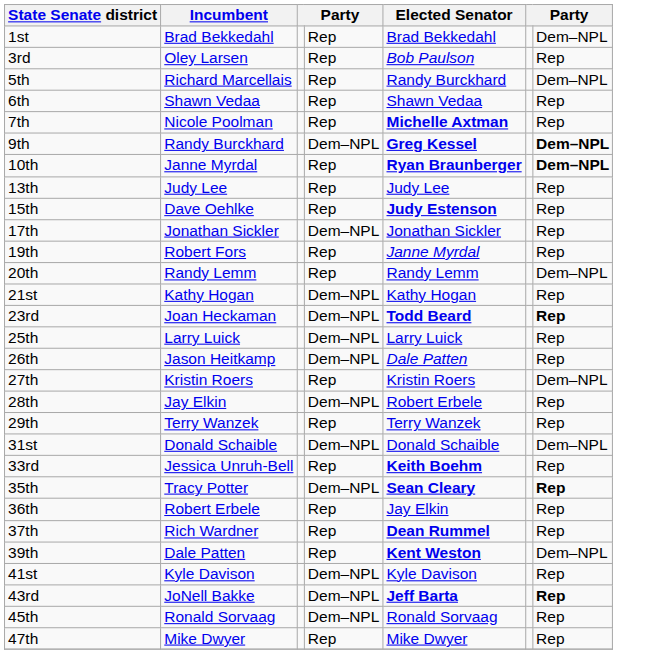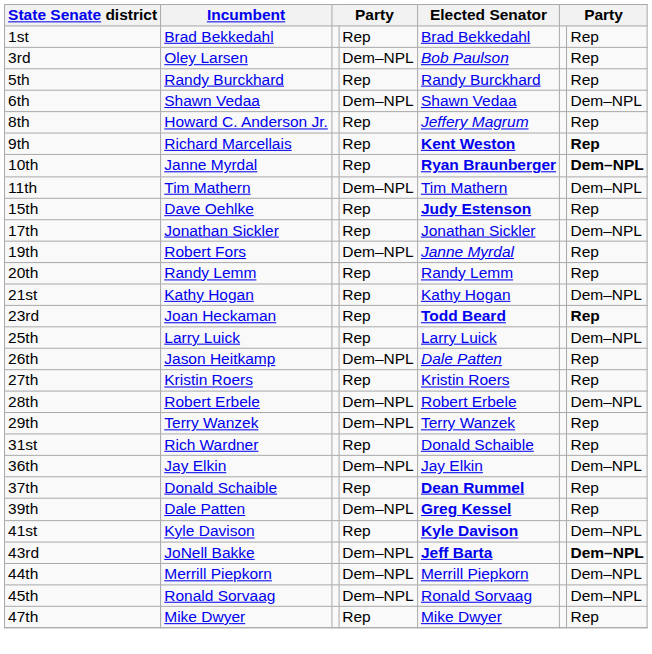 <table class="sortable wikitable" style="font-size:95%;line-height:14px;">
 <tr>
 <th colspan="1"><a href='#'>State Senate</a> district</th>
 <th class="unsortable"><a href='#'>Incumbent</a></th>
 <th colspan="2">Party</th>
 <th class="unsortable">Elected Senator</th>
 <th colspan="2">Party</th>
 </tr>
 <tr>
 <td>1st</td>
 <td><a href='#'>Brad Bekkedahl</a></td>
 <td style="background:"></td>
 <td>Rep</td>
 <td><a href='#'>Brad Bekkedahl</a></td>
 <td style="background:"></td>
-<td>Dem–NPL</td>
+<td>Rep</td>
 </tr>
 <tr>
 <td>3rd</td>
 <td><a href='#'>Oley Larsen</a></td>
 <td style="background:"></td>
-<td>Rep</td>
+<td>Dem–NPL</td>
 <td><em><a href='#'>Bob Paulson</a></em></td>
 <td style="background:"></td>
 <td>Rep</td>
 </tr>
 <tr>
 <td>5th</td>
-<td><a href='#'>Richard Marcellais</a></td>
+<td><a href='#'>Randy Burckhard</a></td>
 <td style="background:"></td>
 <td>Rep</td>
 <td><a href='#'>Randy Burckhard</a></td>
 <td style="background:"></td>
-<td>Dem–NPL</td>
+<td>Rep</td>
 </tr>
 <tr>
 <td>6th</td>
 <td><a href='#'>Shawn Vedaa</a></td>
 <td style="background:"></td>
-<td>Rep</td>
+<td>Dem–NPL</td>
 <td><a href='#'>Shawn Vedaa</a></td>
 <td style="background:"></td>
-<td>Rep</td>
+<td>Dem–NPL</td>
 </tr>
 <tr>
-<td>7th</td>
-<td><a href='#'>Nicole Poolman</a></td>
+<td>8th</td>
+<td><a href='#'>Howard C. Anderson Jr.</a></td>
 <td style="background:"></td>
 <td>Rep</td>
-<td><strong><a href='#'>Michelle Axtman</a></strong></td>
+<td><em><a href='#'>Jeffery Magrum</a></em></td>
 <td style="background:"></td>
 <td>Rep</td>
 </tr>
 <tr>
 <td>9th</td>
-<td><a href='#'>Randy Burckhard</a></td>
+<td><a href='#'>Richard Marcellais</a></td>
 <td style="background:"></td>
-<td>Dem–NPL</td>
-<td><strong><a href='#'>Greg Kessel</a></strong></td>
+<td>Rep</td>
+<td><strong><a href='#'>Kent Weston</a></strong></td>
 <td style="background:"></td>
-<td><strong>Dem–NPL</strong></td>
+<td><strong>Rep</strong></td>
 </tr>
 <tr>
 <td>10th</td>
 <td><a href='#'>Janne Myrdal</a></td>
 <td style="background:"></td>
 <td>Rep</td>
 <td><strong><a href='#'>Ryan Braunberger</a></strong></td>
 <td style="background:"></td>
 <td><strong>Dem–NPL</strong></td>
 </tr>
 <tr>
-<td>13th</td>
-<td><a href='#'>Judy Lee</a></td>
+<td>11th</td>
+<td><a href='#'>Tim Mathern</a></td>
 <td style="background:"></td>
-<td>Rep</td>
-<td><a href='#'>Judy Lee</a></td>
+<td>Dem–NPL</td>
+<td><a href='#'>Tim Mathern</a></td>
 <td style="background:"></td>
-<td>Rep</td>
+<td>Dem–NPL</td>
 </tr>
 <tr>
 <td>15th</td>
 <td><a href='#'>Dave Oehlke</a></td>
 <td style="background:"></td>
 <td>Rep</td>
 <td><strong><a href='#'>Judy Estenson</a></strong></td>
 <td style="background:"></td>
 <td>Rep</td>
 </tr>
 <tr>
 <td>17th</td>
 <td><a href='#'>Jonathan Sickler</a></td>
 <td style="background:"></td>
-<td>Dem–NPL</td>
+<td>Rep</td>
 <td><a href='#'>Jonathan Sickler</a></td>
 <td style="background:"></td>
-<td>Rep</td>
+<td>Dem–NPL</td>
 </tr>
 <tr>
 <td>19th</td>
 <td><a href='#'>Robert Fors</a></td>
 <td style="background:"></td>
-<td>Rep</td>
+<td>Dem–NPL</td>
 <td><em><a href='#'>Janne Myrdal</a></em></td>
 <td style="background:"></td>
 <td>Rep</td>
 </tr>
 <tr>
 <td>20th</td>
 <td><a href='#'>Randy Lemm</a></td>
 <td style="background:"></td>
 <td>Rep</td>
 <td><a href='#'>Randy Lemm</a></td>
 <td style="background:"></td>
-<td>Dem–NPL</td>
+<td>Rep</td>
 </tr>
 <tr>
 <td>21st</td>
 <td><a href='#'>Kathy Hogan</a></td>
 <td style="background:"></td>
-<td>Dem–NPL</td>
+<td>Rep</td>
 <td><a href='#'>Kathy Hogan</a></td>
 <td style="background:"></td>
-<td>Rep</td>
+<td>Dem–NPL</td>
 </tr>
 <tr>
 <td>23rd</td>
 <td><a href='#'>Joan Heckaman</a></td>
 <td style="background:"></td>
-<td>Dem–NPL</td>
+<td>Rep</td>
 <td><strong><a href='#'>Todd Beard</a></strong></td>
 <td style="background:"></td>
 <td><strong>Rep</strong></td>
 </tr>
 <tr>
 <td>25th</td>
 <td><a href='#'>Larry Luick</a></td>
 <td style="background:"></td>
-<td>Dem–NPL</td>
+<td>Rep</td>
 <td><a href='#'>Larry Luick</a></td>
 <td style="background:"></td>
-<td>Rep</td>
+<td>Dem–NPL</td>
 </tr>
 <tr>
 <td>26th</td>
 <td><a href='#'>Jason Heitkamp</a></td>
 <td style="background:"></td>
 <td>Dem–NPL</td>
 <td><em><a href='#'>Dale Patten</a></em></td>
 <td style="background:"></td>
 <td>Rep</td>
 </tr>
 <tr>
 <td>27th</td>
 <td><a href='#'>Kristin Roers</a></td>
 <td style="background:"></td>
 <td>Rep</td>
 <td><a href='#'>Kristin Roers</a></td>
 <td style="background:"></td>
-<td>Dem–NPL</td>
+<td>Rep</td>
 </tr>
 <tr>
 <td>28th</td>
-<td><a href='#'>Jay Elkin</a></td>
+<td><a href='#'>Robert Erbele</a></td>
 <td style="background:"></td>
 <td>Dem–NPL</td>
 <td><a href='#'>Robert Erbele</a></td>
 <td style="background:"></td>
-<td>Rep</td>
+<td>Dem–NPL</td>
 </tr>
 <tr>
 <td>29th</td>
 <td><a href='#'>Terry Wanzek</a></td>
 <td style="background:"></td>
-<td>Rep</td>
+<td>Dem–NPL</td>
 <td><a href='#'>Terry Wanzek</a></td>
 <td style="background:"></td>
 <td>Rep</td>
 </tr>
 <tr>
 <td>31st</td>
+<td><a href='#'>Rich Wardner</a></td>
+<td style="background:"></td>
+<td>Rep</td>
 <td><a href='#'>Donald Schaible</a></td>
 <td style="background:"></td>
+<td>Rep</td>
+</tr>
+<tr>
+<td>36th</td>
+<td><a href='#'>Jay Elkin</a></td>
+<td style="background:"></td>
 <td>Dem–NPL</td>
-<td><a href='#'>Donald Schaible</a></td>
+<td><a href='#'>Jay Elkin</a></td>
 <td style="background:"></td>
 <td>Dem–NPL</td>
 </tr>
 <tr>
-<td>33rd</td>
-<td><a href='#'>Jessica Unruh-Bell</a></td>
-<td style="background:"></td>
-<td>Rep</td>
-<td><strong><a href='#'>Keith Boehm</a></strong></td>
-<td style="background:"></td>
-<td>Rep</td>
-</tr>
-<tr>
-<td>35th</td>
-<td><a href='#'>Tracy Potter</a></td>
-<td style="background:"></td>
-<td>Dem–NPL</td>
-<td><strong><a href='#'>Sean Cleary</a></strong></td>
-<td style="background:"></td>
-<td><strong>Rep</strong></td>
-</tr>
-<tr>
-<td>36th</td>
-<td><a href='#'>Robert Erbele</a></td>
-<td style="background:"></td>
-<td>Rep</td>
-<td><a href='#'>Jay Elkin</a></td>
-<td style="background:"></td>
-<td>Rep</td>
-</tr>
-<tr>
 <td>37th</td>
-<td><a href='#'>Rich Wardner</a></td>
+<td><a href='#'>Donald Schaible</a></td>
 <td style="background:"></td>
 <td>Rep</td>
 <td><strong><a href='#'>Dean Rummel</a></strong></td>
 <td style="background:"></td>
 <td>Rep</td>
 </tr>
 <tr>
 <td>39th</td>
 <td><a href='#'>Dale Patten</a></td>
 <td style="background:"></td>
+<td>Dem–NPL</td>
+<td><strong><a href='#'>Greg Kessel</a></strong></td>
+<td style="background:"></td>
 <td>Rep</td>
-<td><strong><a href='#'>Kent Weston</a></strong></td>
-<td style="background:"></td>
-<td>Dem–NPL</td>
 </tr>
 <tr>
 <td>41st</td>
 <td><a href='#'>Kyle Davison</a></td>
 <td style="background:"></td>
+<td>Rep</td>
+<td><strong><a href='#'>Kyle Davison</a></strong></td>
+<td style="background:"></td>
 <td>Dem–NPL</td>
-<td><a href='#'>Kyle Davison</a></td>
-<td style="background:"></td>
-<td>Rep</td>
 </tr>
 <tr>
 <td>43rd</td>
 <td><a href='#'>JoNell Bakke</a></td>
 <td style="background:"></td>
 <td>Dem–NPL</td>
 <td><strong><a href='#'>Jeff Barta</a></strong></td>
 <td style="background:"></td>
-<td><strong>Rep</strong></td>
+<td><strong>Dem–NPL</strong></td>
+</tr>
+<tr>
+<td>44th</td>
+<td><a href='#'>Merrill Piepkorn</a></td>
+<td style="background:"></td>
+<td>Dem–NPL</td>
+<td><a href='#'>Merrill Piepkorn</a></td>
+<td style="background:"></td>
+<td>Dem–NPL</td>
 </tr>
 <tr>
 <td>45th</td>
 <td><a href='#'>Ronald Sorvaag</a></td>
 <td style="background:"></td>
 <td>Dem–NPL</td>
 <td><a href='#'>Ronald Sorvaag</a></td>
 <td style="background:"></td>
-<td>Rep</td>
+<td>Dem–NPL</td>
 </tr>
 <tr>
 <td>47th</td>
 <td><a href='#'>Mike Dwyer</a></td>
 <td style="background:"></td>
 <td>Rep</td>
 <td><a href='#'>Mike Dwyer</a></td>
 <td style="background:"></td>
 <td>Rep</td>
 </tr>
 <tr>
 </tr>
 </table>
